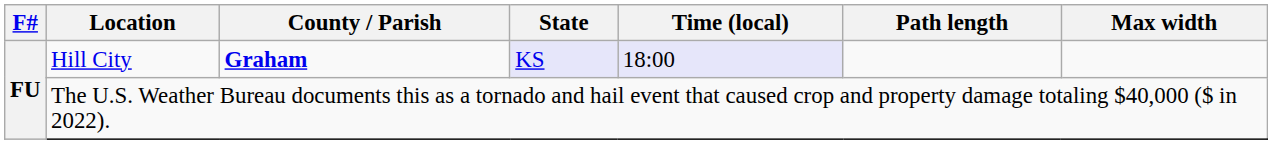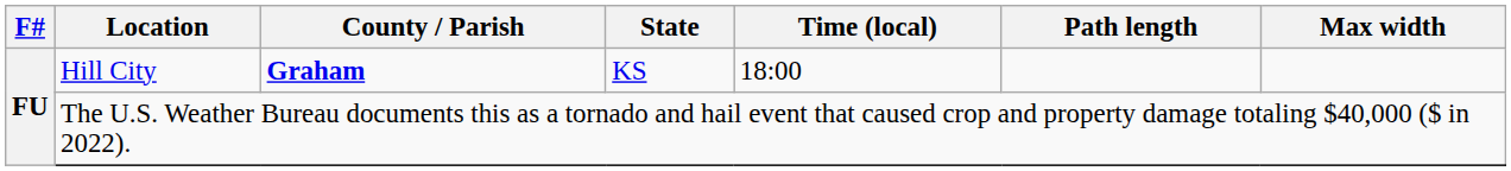 <table class="wikitable sortable" style="width:100%;">
 <tr>
 <th scope="col" align="center"><a href='#'>F#</a><br></th>
 <th scope="col" align="center" class="unsortable">Location</th>
 <th scope="col" align="center" class="unsortable">County / Parish</th>
 <th scope="col" align="center">State</th>
 <th scope="col" align="center">Time (local)</th>
 <th scope="col" align="center">Path length</th>
 <th scope="col" align="center">Max width</th>
 </tr>
 <tr>
 <th scope="row" rowspan="2" style="background-color:#">FU</th>
 <td><a href='#'>Hill City</a></td>
 <td><strong><a href='#'>Graham</a></strong></td>
-<td style="background: lavender;"><a href='#'>KS</a></td>
-<td style="background: lavender;">18:00</td>
+<td><a href='#'>KS</a></td>
+<td>18:00</td>
 <td></td>
 <td></td>
 </tr>
 <tr class="expand-child">
 <td colspan="6" style="border-bottom: 1px solid black;">The U.S. Weather Bureau documents this as a tornado and hail event that caused crop and property damage totaling  $40,000 ($ in 2022).</td>
 </tr>
 </table>
